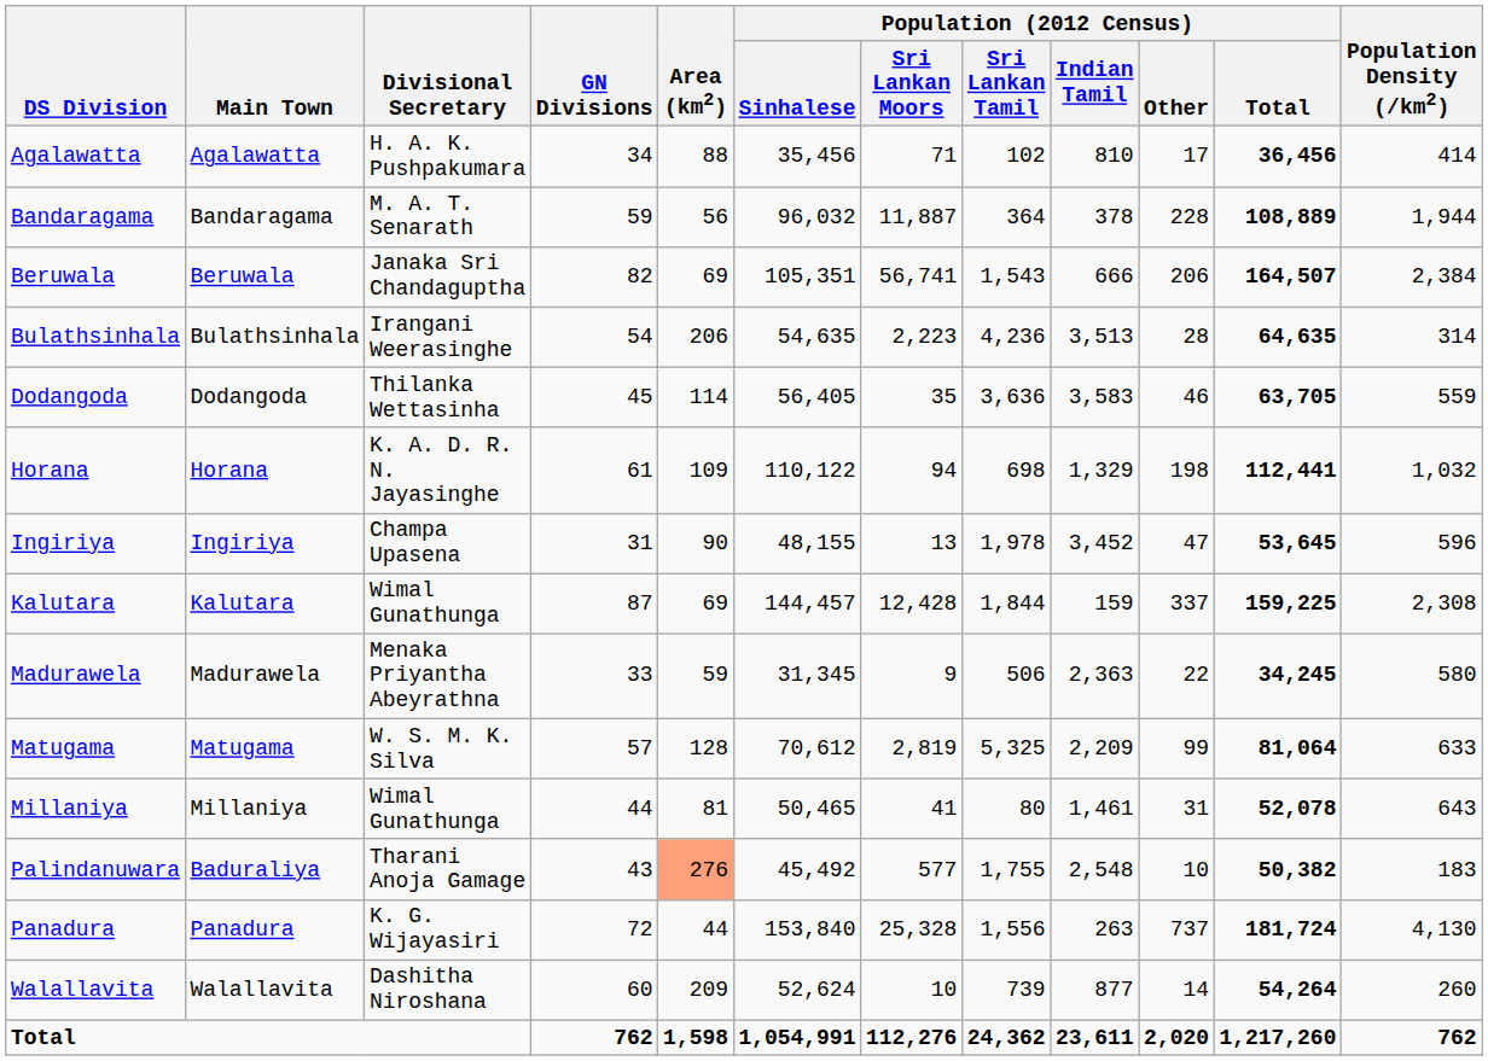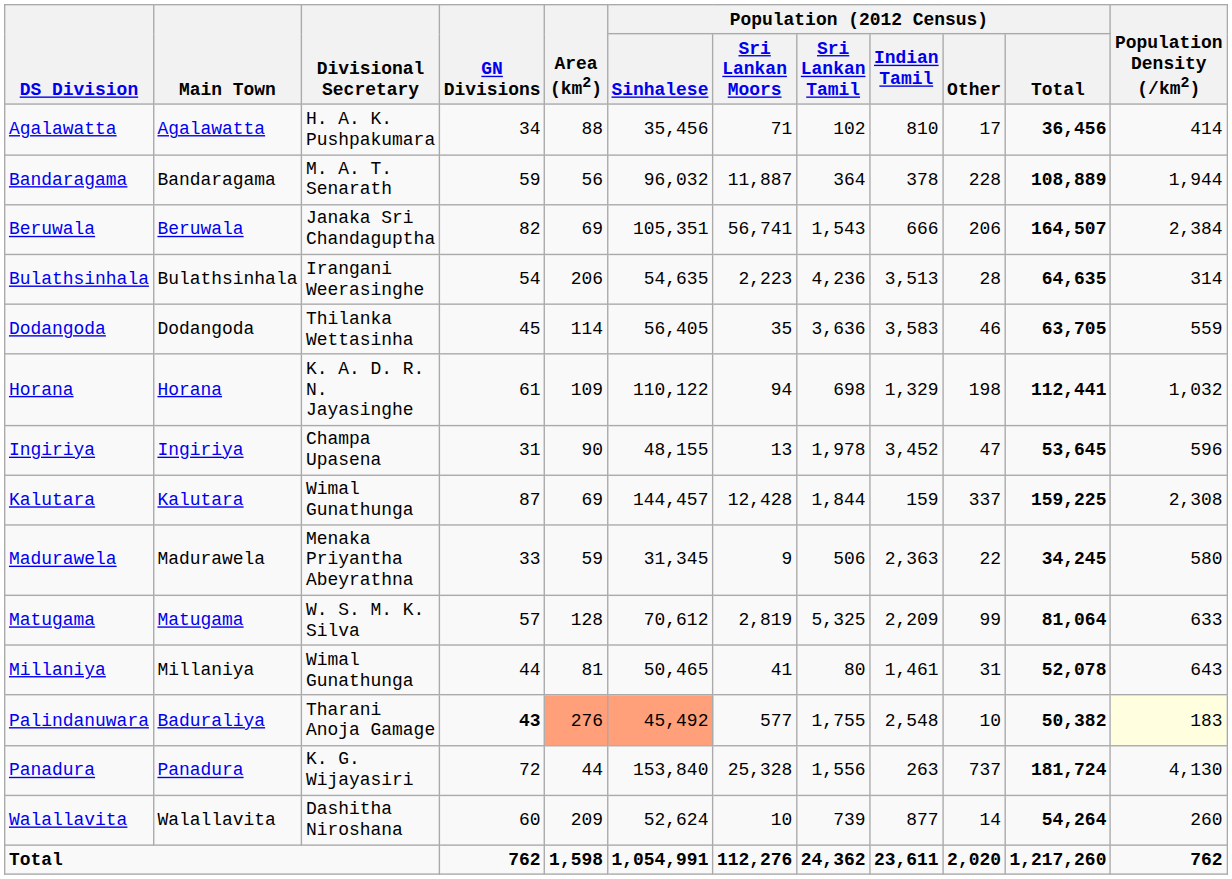 <table class="wikitable" border="1" style="text-align:right;">
 <tr>
 <th style="vertical-align:bottom;" rowspan=2><a href='#'>DS Division</a></th>
 <th style="vertical-align:bottom;" rowspan=2>Main Town</th>
 <th style="vertical-align:bottom;" rowspan=2>Divisional Secretary</th>
 <th style="vertical-align:bottom;" rowspan=2><a href='#'>GN</a><br>Divisions<br></th>
 <th style="vertical-align:bottom;" rowspan=2>Area<br>(km<sup>2</sup>)<br></th>
 <th colspan=6>Population (2012 Census)</th>
 <th style="vertical-align:bottom;" rowspan=2>Population<br>Density<br>(/km<sup>2</sup>)</th>
 </tr>
 <tr>
 <th style="vertical-align:bottom; width:70px;"><a href='#'>Sinhalese</a></th>
 <th style="vertical-align:bottom; width:70px;"><a href='#'>Sri Lankan Moors</a></th>
 <th style="width:70px;"><a href='#'>Sri Lankan<br>Tamil</a></th>
 <th style="width:70px;"><a href='#'>Indian<br>Tamil</a></th>
 <th style="vertical-align:bottom; width:70px;">Other</th>
 <th style="vertical-align:bottom; width:70px;">Total</th>
 </tr>
 <tr>
 <td align=left><a href='#'>Agalawatta</a></td>
 <td align=left><a href='#'>Agalawatta</a></td>
 <td align=left>H. A. K. Pushpakumara</td>
 <td>34</td>
 <td>88</td>
 <td>35,456</td>
 <td>71</td>
 <td>102</td>
 <td>810</td>
 <td>17</td>
 <td><strong>36,456</strong></td>
 <td>414</td>
 </tr>
 <tr>
 <td align=left><a href='#'>Bandaragama</a></td>
 <td align=left>Bandaragama</td>
 <td align=left>M. A. T. Senarath</td>
 <td>59</td>
 <td>56</td>
 <td>96,032</td>
 <td>11,887</td>
 <td>364</td>
 <td>378</td>
 <td>228</td>
 <td><strong>108,889</strong></td>
 <td>1,944</td>
 </tr>
 <tr>
 <td align=left><a href='#'>Beruwala</a></td>
 <td align=left><a href='#'>Beruwala</a></td>
 <td align=left>Janaka Sri Chandaguptha</td>
 <td>82</td>
 <td>69</td>
 <td>105,351</td>
 <td>56,741</td>
 <td>1,543</td>
 <td>666</td>
 <td>206</td>
 <td><strong>164,507</strong></td>
 <td>2,384</td>
 </tr>
 <tr>
 <td align=left><a href='#'>Bulathsinhala</a></td>
 <td align=left>Bulathsinhala</td>
 <td align=left>Irangani Weerasinghe</td>
 <td>54</td>
 <td>206</td>
 <td>54,635</td>
 <td>2,223</td>
 <td>4,236</td>
 <td>3,513</td>
 <td>28</td>
 <td><strong>64,635</strong></td>
 <td>314</td>
 </tr>
 <tr>
 <td align=left><a href='#'>Dodangoda</a></td>
 <td align=left>Dodangoda</td>
 <td align=left>Thilanka Wettasinha</td>
 <td>45</td>
 <td>114</td>
 <td>56,405</td>
 <td>35</td>
 <td>3,636</td>
 <td>3,583</td>
 <td>46</td>
 <td><strong>63,705</strong></td>
 <td>559</td>
 </tr>
 <tr>
 <td align=left><a href='#'>Horana</a></td>
 <td align=left><a href='#'>Horana</a></td>
 <td align=left>K. A. D. R. N. Jayasinghe</td>
 <td>61</td>
 <td>109</td>
 <td>110,122</td>
 <td>94</td>
 <td>698</td>
 <td>1,329</td>
 <td>198</td>
 <td><strong>112,441</strong></td>
 <td>1,032</td>
 </tr>
 <tr>
 <td align=left><a href='#'>Ingiriya</a></td>
 <td align=left><a href='#'>Ingiriya</a></td>
 <td align=left>Champa Upasena</td>
 <td>31</td>
 <td>90</td>
 <td>48,155</td>
 <td>13</td>
 <td>1,978</td>
 <td>3,452</td>
 <td>47</td>
 <td><strong>53,645</strong></td>
 <td>596</td>
 </tr>
 <tr>
 <td align=left><a href='#'>Kalutara</a></td>
 <td align=left><a href='#'>Kalutara</a></td>
 <td align=left>Wimal Gunathunga</td>
 <td>87</td>
 <td>69</td>
 <td>144,457</td>
 <td>12,428</td>
 <td>1,844</td>
 <td>159</td>
 <td>337</td>
 <td><strong>159,225</strong></td>
 <td>2,308</td>
 </tr>
 <tr>
 <td align=left><a href='#'>Madurawela</a></td>
 <td align=left>Madurawela</td>
 <td align=left>Menaka Priyantha Abeyrathna</td>
 <td>33</td>
 <td>59</td>
 <td>31,345</td>
 <td>9</td>
 <td>506</td>
 <td>2,363</td>
 <td>22</td>
 <td><strong>34,245</strong></td>
 <td>580</td>
 </tr>
 <tr>
 <td align=left><a href='#'>Matugama</a></td>
 <td align=left><a href='#'>Matugama</a></td>
 <td align=left>W. S. M. K. Silva</td>
 <td>57</td>
 <td>128</td>
 <td>70,612</td>
 <td>2,819</td>
 <td>5,325</td>
 <td>2,209</td>
 <td>99</td>
 <td><strong>81,064</strong></td>
 <td>633</td>
 </tr>
 <tr>
 <td align=left><a href='#'>Millaniya</a></td>
 <td align=left>Millaniya</td>
 <td align=left>Wimal Gunathunga</td>
 <td>44</td>
 <td>81</td>
 <td>50,465</td>
 <td>41</td>
 <td>80</td>
 <td>1,461</td>
 <td>31</td>
 <td><strong>52,078</strong></td>
 <td>643</td>
 </tr>
 <tr>
 <td align=left><a href='#'>Palindanuwara</a></td>
 <td align=left><a href='#'>Baduraliya</a></td>
 <td align=left>Tharani Anoja Gamage</td>
-<td>43</td>
+<td><strong>43</strong></td>
 <td style="background: lightsalmon;">276</td>
-<td>45,492</td>
+<td style="background: lightsalmon;">45,492</td>
 <td>577</td>
 <td>1,755</td>
 <td>2,548</td>
 <td>10</td>
 <td><strong>50,382</strong></td>
-<td>183</td>
+<td style="background: lightyellow;">183</td>
 </tr>
 <tr>
 <td align=left><a href='#'>Panadura</a></td>
 <td align=left><a href='#'>Panadura</a></td>
 <td align=left>K. G. Wijayasiri</td>
 <td>72</td>
 <td>44</td>
 <td>153,840</td>
 <td>25,328</td>
 <td>1,556</td>
 <td>263</td>
 <td>737</td>
 <td><strong>181,724</strong></td>
 <td>4,130</td>
 </tr>
 <tr>
 <td align=left><a href='#'>Walallavita</a></td>
 <td align=left>Walallavita</td>
 <td align=left>Dashitha Niroshana</td>
 <td>60</td>
 <td>209</td>
 <td>52,624</td>
 <td>10</td>
 <td>739</td>
 <td>877</td>
 <td>14</td>
 <td><strong>54,264</strong></td>
 <td>260</td>
 </tr>
 <tr style="font-weight:bold">
 <td align=left colspan=3>Total</td>
 <td>762</td>
 <td>1,598</td>
 <td>1,054,991</td>
 <td>112,276</td>
 <td>24,362</td>
 <td>23,611</td>
 <td>2,020</td>
 <td>1,217,260</td>
 <td>762</td>
 </tr>
 </table>
